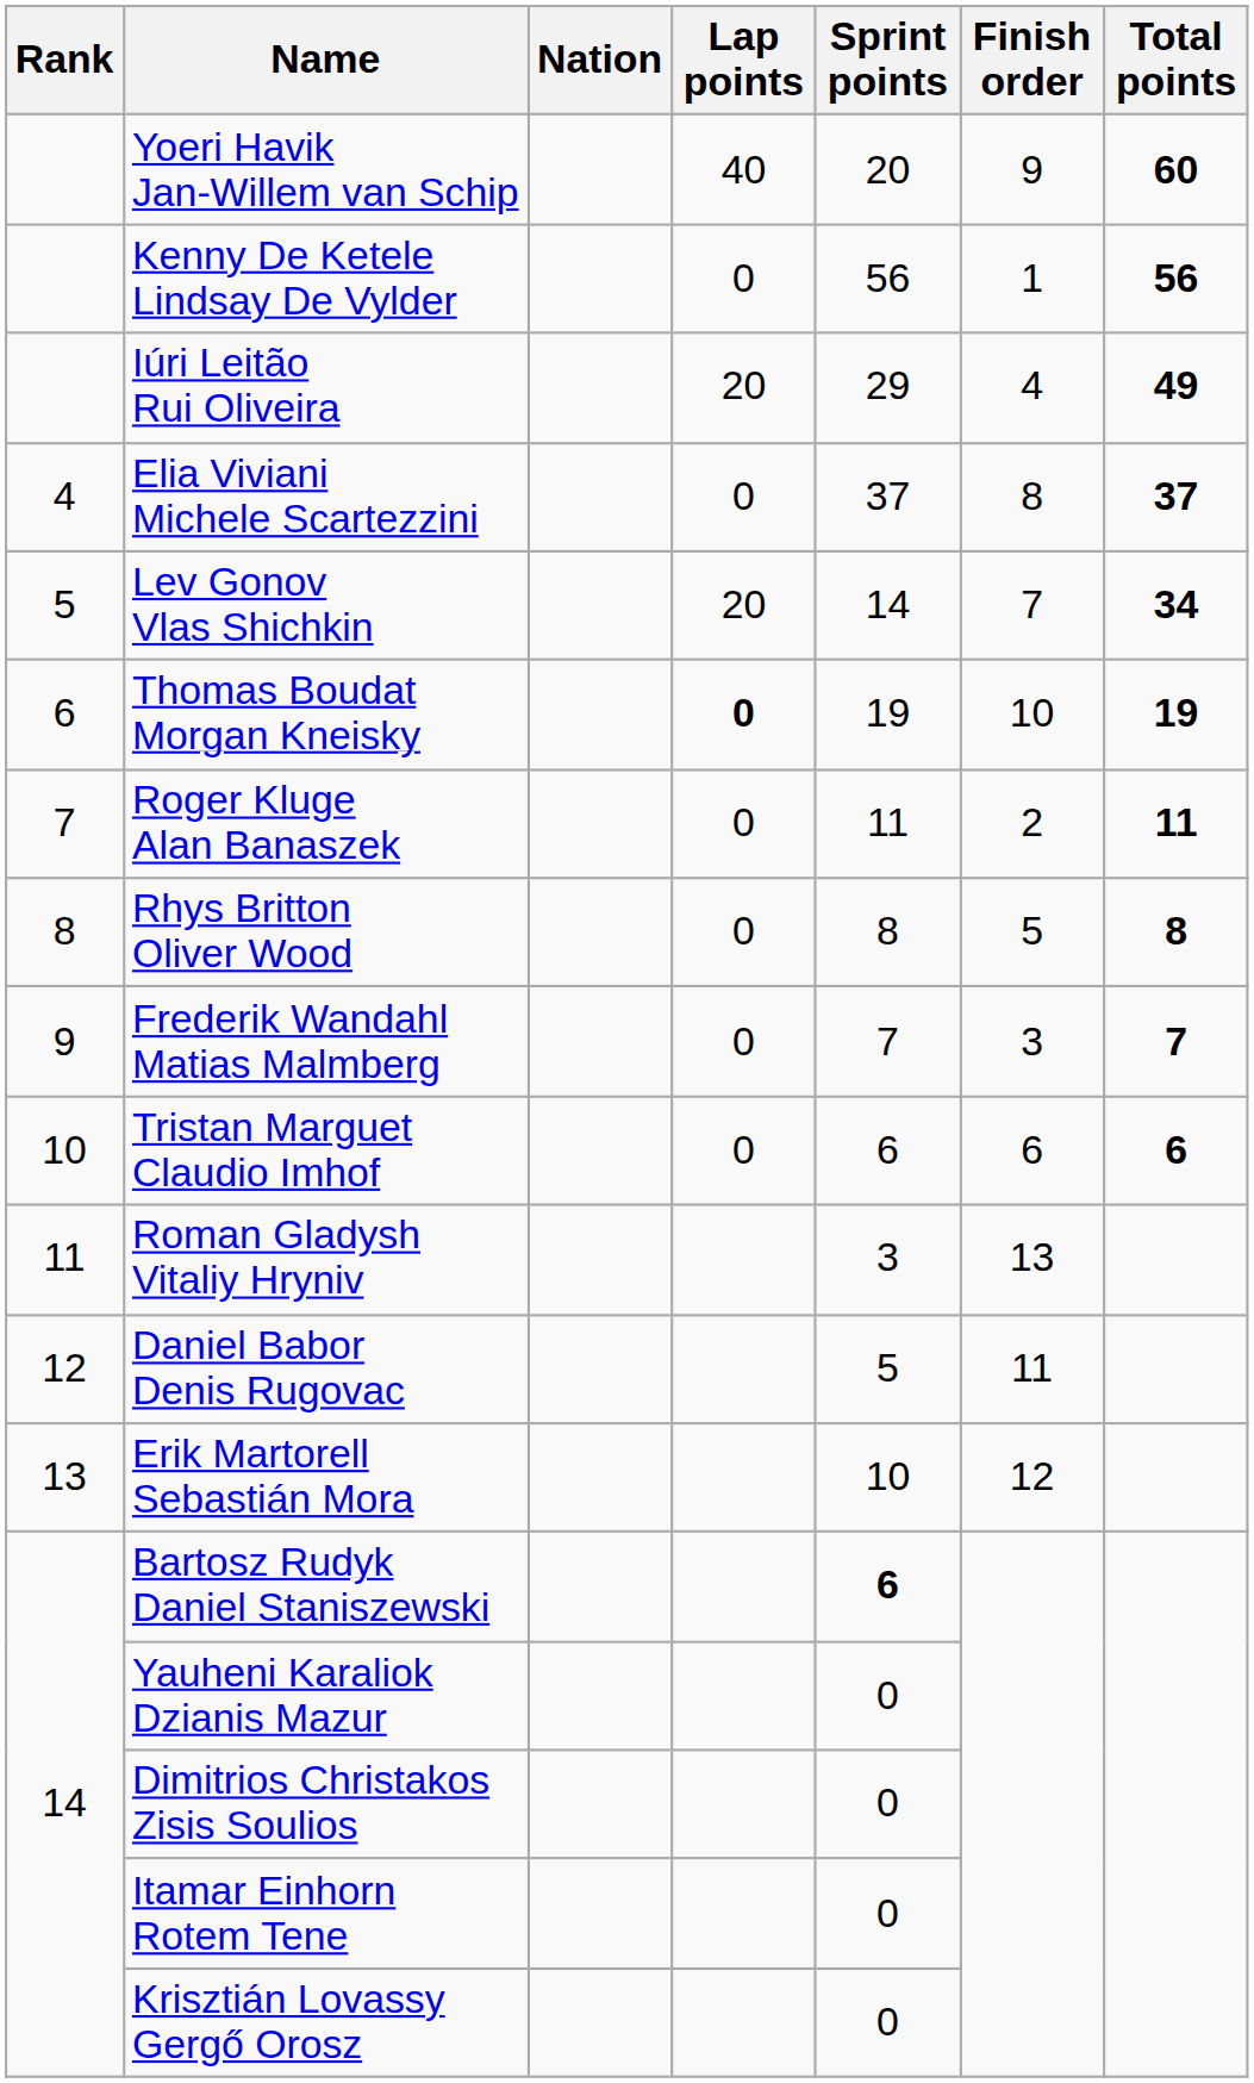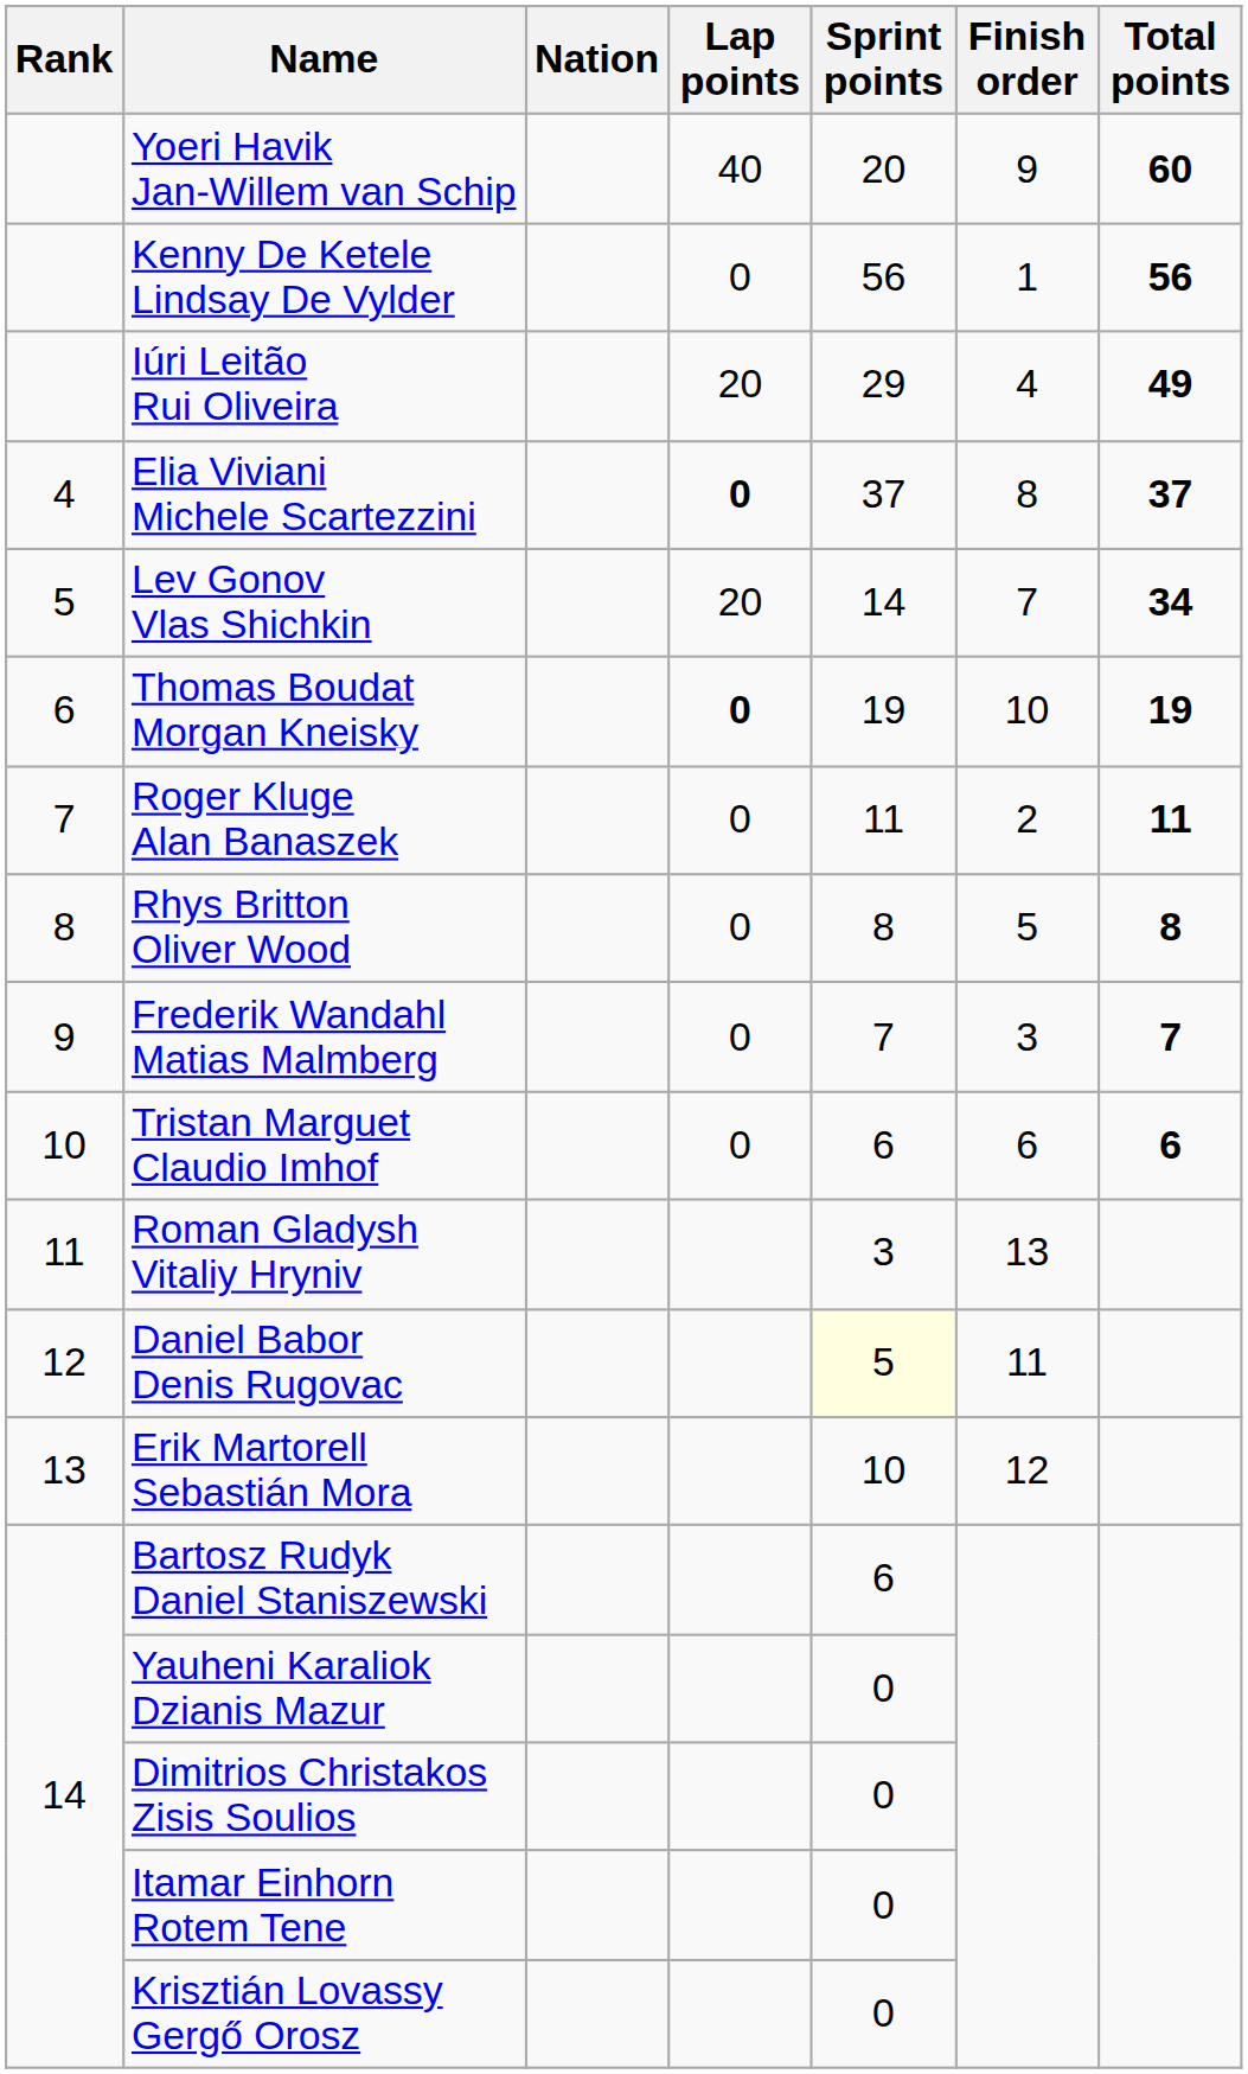 <table class="wikitable sortable" style="text-align:center">
 <tr>
 <th>Rank</th>
 <th>Name</th>
 <th>Nation</th>
 <th width=50>Lap points</th>
 <th width=50>Sprint points</th>
 <th width=50>Finish order</th>
 <th width=50>Total points</th>
 </tr>
 <tr>
 <td></td>
 <td align=left><a href='#'>Yoeri Havik</a><br><a href='#'>Jan-Willem van Schip</a></td>
 <td align=left></td>
 <td>40</td>
 <td>20</td>
 <td>9</td>
 <td><strong>60</strong></td>
 </tr>
 <tr>
 <td></td>
 <td align=left><a href='#'>Kenny De Ketele</a><br><a href='#'>Lindsay De Vylder</a></td>
 <td align=left></td>
 <td>0</td>
 <td>56</td>
 <td>1</td>
 <td><strong>56</strong></td>
 </tr>
 <tr>
 <td></td>
 <td align=left><a href='#'>Iúri Leitão</a><br><a href='#'>Rui Oliveira</a></td>
 <td align=left></td>
 <td>20</td>
 <td>29</td>
 <td>4</td>
 <td><strong>49</strong></td>
 </tr>
 <tr>
 <td>4</td>
 <td align=left><a href='#'>Elia Viviani</a><br><a href='#'>Michele Scartezzini</a></td>
 <td align=left></td>
-<td>0</td>
+<td><strong>0</strong></td>
 <td>37</td>
 <td>8</td>
 <td><strong>37</strong></td>
 </tr>
 <tr>
 <td>5</td>
 <td align=left><a href='#'>Lev Gonov</a><br><a href='#'>Vlas Shichkin</a></td>
 <td align=left></td>
 <td>20</td>
 <td>14</td>
 <td>7</td>
 <td><strong>34</strong></td>
 </tr>
 <tr>
 <td>6</td>
 <td align=left><a href='#'>Thomas Boudat</a><br><a href='#'>Morgan Kneisky</a></td>
 <td align=left></td>
 <td><strong>0</strong></td>
 <td>19</td>
 <td>10</td>
 <td><strong>19</strong></td>
 </tr>
 <tr>
 <td>7</td>
 <td align=left><a href='#'>Roger Kluge</a><br><a href='#'>Alan Banaszek</a></td>
 <td align=left></td>
 <td>0</td>
 <td>11</td>
 <td>2</td>
 <td><strong>11</strong></td>
 </tr>
 <tr>
 <td>8</td>
 <td align=left><a href='#'>Rhys Britton</a><br><a href='#'>Oliver Wood</a></td>
 <td align=left></td>
 <td>0</td>
 <td>8</td>
 <td>5</td>
 <td><strong>8</strong></td>
 </tr>
 <tr>
 <td>9</td>
 <td align=left><a href='#'>Frederik Wandahl</a><br><a href='#'>Matias Malmberg</a></td>
 <td align=left></td>
 <td>0</td>
 <td>7</td>
 <td>3</td>
 <td><strong>7</strong></td>
 </tr>
 <tr>
 <td>10</td>
 <td align=left><a href='#'>Tristan Marguet</a><br><a href='#'>Claudio Imhof</a></td>
 <td align=left></td>
 <td>0</td>
 <td>6</td>
 <td>6</td>
 <td><strong>6</strong></td>
 </tr>
 <tr>
 <td>11</td>
 <td align=left><a href='#'>Roman Gladysh</a><br><a href='#'>Vitaliy Hryniv</a></td>
 <td align=left></td>
 <td></td>
 <td>3</td>
 <td>13</td>
 <td><strong></strong></td>
 </tr>
 <tr>
 <td>12</td>
 <td align=left><a href='#'>Daniel Babor</a><br><a href='#'>Denis Rugovac</a></td>
 <td align=left></td>
 <td></td>
-<td>5</td>
+<td style="background: lightyellow;">5</td>
 <td>11</td>
 <td><strong></strong></td>
 </tr>
 <tr>
 <td>13</td>
 <td align=left><a href='#'>Erik Martorell</a><br><a href='#'>Sebastián Mora</a></td>
 <td align=left></td>
 <td></td>
 <td>10</td>
 <td>12</td>
 <td><strong></strong></td>
 </tr>
 <tr>
 <td rowspan=5>14</td>
 <td align=left><a href='#'>Bartosz Rudyk</a><br><a href='#'>Daniel Staniszewski</a></td>
 <td align=left></td>
 <td></td>
-<td><strong>6</strong></td>
+<td>6</td>
 <td rowspan=5></td>
 <td rowspan=5></td>
 </tr>
 <tr>
 <td align=left><a href='#'>Yauheni Karaliok</a><br><a href='#'>Dzianis Mazur</a></td>
 <td align=left></td>
 <td></td>
 <td>0</td>
 </tr>
 <tr>
 <td align=left><a href='#'>Dimitrios Christakos</a> <br><a href='#'>Zisis Soulios</a></td>
 <td align=left></td>
 <td></td>
 <td>0</td>
 </tr>
 <tr>
 <td align=left><a href='#'>Itamar Einhorn</a><br><a href='#'>Rotem Tene</a></td>
 <td align=left></td>
 <td></td>
 <td>0</td>
 </tr>
 <tr>
 <td align=left><a href='#'>Krisztián Lovassy</a><br><a href='#'>Gergő Orosz</a></td>
 <td align=left></td>
 <td></td>
 <td>0</td>
 </tr>
 </table>
